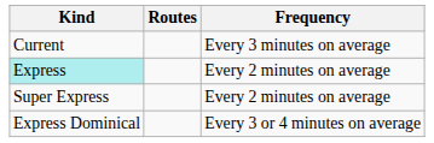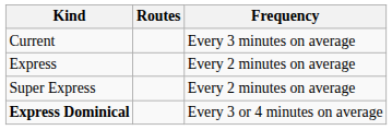 <table class="wikitable" style="margin-left: auto; margin-right: auto; border: none;">
 <tr>
 <th>Kind</th>
 <th>Routes</th>
 <th>Frequency</th>
 </tr>
 <tr>
 <td>Current</td>
 <td>  </td>
 <td>Every 3 minutes on average</td>
 </tr>
 <tr>
-<td style="background: paleturquoise;">Express</td>
+<td>Express</td>
 <td>  </td>
 <td>Every 2 minutes on average</td>
 </tr>
 <tr>
 <td>Super Express</td>
 <td></td>
 <td>Every 2 minutes on average</td>
 </tr>
 <tr>
-<td>Express Dominical</td>
+<td><strong>Express Dominical</strong></td>
 <td></td>
 <td>Every 3 or 4 minutes on average</td>
 </tr>
 </table>
